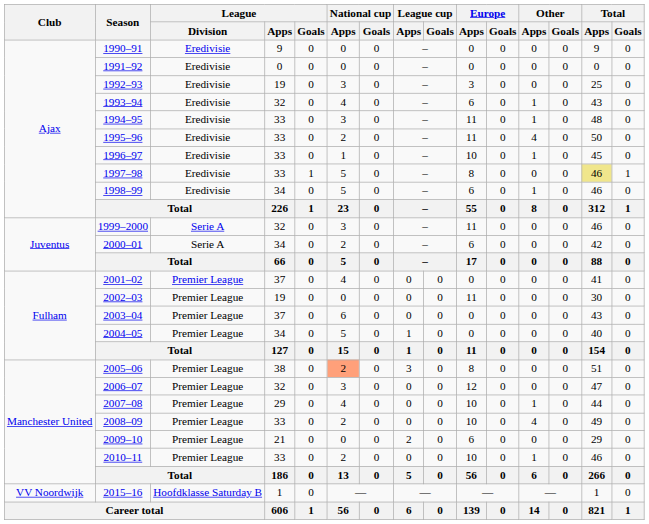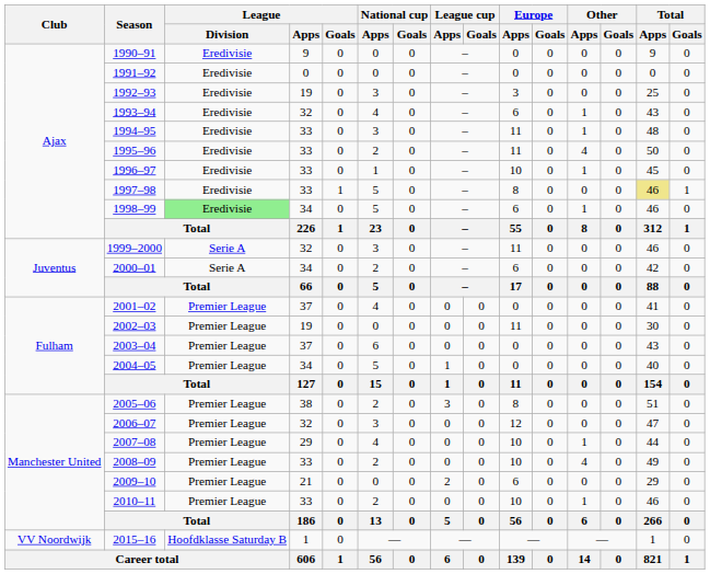 <table class="wikitable" style="text-align:center">
 <tr>
 <th rowspan="2">Club</th>
 <th rowspan="2">Season</th>
 <th colspan="3">League</th>
 <th colspan="2">National cup</th>
 <th colspan="2">League cup</th>
 <th colspan="2"><a href='#'>Europe</a></th>
 <th colspan="2">Other</th>
 <th colspan="2">Total</th>
 </tr>
 <tr>
 <th>Division</th>
 <th>Apps</th>
 <th>Goals</th>
 <th>Apps</th>
 <th>Goals</th>
 <th>Apps</th>
 <th>Goals</th>
 <th>Apps</th>
 <th>Goals</th>
 <th>Apps</th>
 <th>Goals</th>
 <th>Apps</th>
 <th>Goals</th>
 </tr>
 <tr>
 <td rowspan="10"><a href='#'>Ajax</a></td>
 <td><a href='#'>1990–91</a></td>
 <td><a href='#'>Eredivisie</a></td>
 <td>9</td>
 <td>0</td>
 <td>0</td>
 <td>0</td>
 <td colspan="2">–</td>
 <td>0</td>
 <td>0</td>
 <td>0</td>
 <td>0</td>
 <td>9</td>
 <td>0</td>
 </tr>
 <tr>
 <td><a href='#'>1991–92</a></td>
 <td>Eredivisie</td>
 <td>0</td>
 <td>0</td>
 <td>0</td>
 <td>0</td>
 <td colspan="2">–</td>
 <td>0</td>
 <td>0</td>
 <td>0</td>
 <td>0</td>
 <td>0</td>
 <td>0</td>
 </tr>
 <tr>
 <td><a href='#'>1992–93</a></td>
 <td>Eredivisie</td>
 <td>19</td>
 <td>0</td>
 <td>3</td>
 <td>0</td>
 <td colspan="2">–</td>
 <td>3</td>
 <td>0</td>
 <td>0</td>
 <td>0</td>
 <td>25</td>
 <td>0</td>
 </tr>
 <tr>
 <td><a href='#'>1993–94</a></td>
 <td>Eredivisie</td>
 <td>32</td>
 <td>0</td>
 <td>4</td>
 <td>0</td>
 <td colspan="2">–</td>
 <td>6</td>
 <td>0</td>
 <td>1</td>
 <td>0</td>
 <td>43</td>
 <td>0</td>
 </tr>
 <tr>
 <td><a href='#'>1994–95</a></td>
 <td>Eredivisie</td>
 <td>33</td>
 <td>0</td>
 <td>3</td>
 <td>0</td>
 <td colspan="2">–</td>
 <td>11</td>
 <td>0</td>
 <td>1</td>
 <td>0</td>
 <td>48</td>
 <td>0</td>
 </tr>
 <tr>
 <td><a href='#'>1995–96</a></td>
 <td>Eredivisie</td>
 <td>33</td>
 <td>0</td>
 <td>2</td>
 <td>0</td>
 <td colspan="2">–</td>
 <td>11</td>
 <td>0</td>
 <td>4</td>
 <td>0</td>
 <td>50</td>
 <td>0</td>
 </tr>
 <tr>
 <td><a href='#'>1996–97</a></td>
 <td>Eredivisie</td>
 <td>33</td>
 <td>0</td>
 <td>1</td>
 <td>0</td>
 <td colspan="2">–</td>
 <td>10</td>
 <td>0</td>
 <td>1</td>
 <td>0</td>
 <td>45</td>
 <td>0</td>
 </tr>
 <tr>
 <td><a href='#'>1997–98</a></td>
 <td>Eredivisie</td>
 <td>33</td>
 <td>1</td>
 <td>5</td>
 <td>0</td>
 <td colspan="2">–</td>
 <td>8</td>
 <td>0</td>
 <td>0</td>
 <td>0</td>
 <td style="background: khaki;">46</td>
 <td>1</td>
 </tr>
 <tr>
 <td><a href='#'>1998–99</a></td>
-<td>Eredivisie</td>
+<td style="background: lightgreen;">Eredivisie</td>
 <td>34</td>
 <td>0</td>
 <td>5</td>
 <td>0</td>
 <td colspan="2">–</td>
 <td>6</td>
 <td>0</td>
 <td>1</td>
 <td>0</td>
 <td>46</td>
 <td>0</td>
 </tr>
 <tr>
 <th colspan="2">Total</th>
 <th>226</th>
 <th>1</th>
 <th>23</th>
 <th>0</th>
 <th colspan="2">–</th>
 <th>55</th>
 <th>0</th>
 <th>8</th>
 <th>0</th>
 <th>312</th>
 <th>1</th>
 </tr>
 <tr>
 <td rowspan="3"><a href='#'>Juventus</a></td>
 <td><a href='#'>1999–2000</a></td>
 <td><a href='#'>Serie A</a></td>
 <td>32</td>
 <td>0</td>
 <td>3</td>
 <td>0</td>
 <td colspan="2">–</td>
 <td>11</td>
 <td>0</td>
 <td>0</td>
 <td>0</td>
 <td>46</td>
 <td>0</td>
 </tr>
 <tr>
 <td><a href='#'>2000–01</a></td>
 <td>Serie A</td>
 <td>34</td>
 <td>0</td>
 <td>2</td>
 <td>0</td>
 <td colspan="2">–</td>
 <td>6</td>
 <td>0</td>
 <td>0</td>
 <td>0</td>
 <td>42</td>
 <td>0</td>
 </tr>
 <tr>
 <th colspan="2">Total</th>
 <th>66</th>
 <th>0</th>
 <th>5</th>
 <th>0</th>
 <th colspan="2">–</th>
 <th>17</th>
 <th>0</th>
 <th>0</th>
 <th>0</th>
 <th>88</th>
 <th>0</th>
 </tr>
 <tr>
 <td rowspan="5"><a href='#'>Fulham</a></td>
 <td><a href='#'>2001–02</a></td>
 <td><a href='#'>Premier League</a></td>
 <td>37</td>
 <td>0</td>
 <td>4</td>
 <td>0</td>
 <td>0</td>
 <td>0</td>
 <td>0</td>
 <td>0</td>
 <td>0</td>
 <td>0</td>
 <td>41</td>
 <td>0</td>
 </tr>
 <tr>
 <td><a href='#'>2002–03</a></td>
 <td>Premier League</td>
 <td>19</td>
 <td>0</td>
 <td>0</td>
 <td>0</td>
 <td>0</td>
 <td>0</td>
 <td>11</td>
 <td>0</td>
 <td>0</td>
 <td>0</td>
 <td>30</td>
 <td>0</td>
 </tr>
 <tr>
 <td><a href='#'>2003–04</a></td>
 <td>Premier League</td>
 <td>37</td>
 <td>0</td>
 <td>6</td>
 <td>0</td>
 <td>0</td>
 <td>0</td>
 <td>0</td>
 <td>0</td>
 <td>0</td>
 <td>0</td>
 <td>43</td>
 <td>0</td>
 </tr>
 <tr>
 <td><a href='#'>2004–05</a></td>
 <td>Premier League</td>
 <td>34</td>
 <td>0</td>
 <td>5</td>
 <td>0</td>
 <td>1</td>
 <td>0</td>
 <td>0</td>
 <td>0</td>
 <td>0</td>
 <td>0</td>
 <td>40</td>
 <td>0</td>
 </tr>
 <tr>
 <th colspan="2">Total</th>
 <th>127</th>
 <th>0</th>
 <th>15</th>
 <th>0</th>
 <th>1</th>
 <th>0</th>
 <th>11</th>
 <th>0</th>
 <th>0</th>
 <th>0</th>
 <th>154</th>
 <th>0</th>
 </tr>
 <tr>
 <td rowspan="7"><a href='#'>Manchester United</a></td>
 <td><a href='#'>2005–06</a></td>
 <td>Premier League</td>
 <td>38</td>
 <td>0</td>
-<td style="background: lightsalmon;">2</td>
+<td>2</td>
 <td>0</td>
 <td>3</td>
 <td>0</td>
 <td>8</td>
 <td>0</td>
 <td>0</td>
 <td>0</td>
 <td>51</td>
 <td>0</td>
 </tr>
 <tr>
 <td><a href='#'>2006–07</a></td>
 <td>Premier League</td>
 <td>32</td>
 <td>0</td>
 <td>3</td>
 <td>0</td>
 <td>0</td>
 <td>0</td>
 <td>12</td>
 <td>0</td>
 <td>0</td>
 <td>0</td>
 <td>47</td>
 <td>0</td>
 </tr>
 <tr>
 <td><a href='#'>2007–08</a></td>
 <td>Premier League</td>
 <td>29</td>
 <td>0</td>
 <td>4</td>
 <td>0</td>
 <td>0</td>
 <td>0</td>
 <td>10</td>
 <td>0</td>
 <td>1</td>
 <td>0</td>
 <td>44</td>
 <td>0</td>
 </tr>
 <tr>
 <td><a href='#'>2008–09</a></td>
 <td>Premier League</td>
 <td>33</td>
 <td>0</td>
 <td>2</td>
 <td>0</td>
 <td>0</td>
 <td>0</td>
 <td>10</td>
 <td>0</td>
 <td>4</td>
 <td>0</td>
 <td>49</td>
 <td>0</td>
 </tr>
 <tr>
 <td><a href='#'>2009–10</a></td>
 <td>Premier League</td>
 <td>21</td>
 <td>0</td>
 <td>0</td>
 <td>0</td>
 <td>2</td>
 <td>0</td>
 <td>6</td>
 <td>0</td>
 <td>0</td>
 <td>0</td>
 <td>29</td>
 <td>0</td>
 </tr>
 <tr>
 <td><a href='#'>2010–11</a></td>
 <td>Premier League</td>
 <td>33</td>
 <td>0</td>
 <td>2</td>
 <td>0</td>
 <td>0</td>
 <td>0</td>
 <td>10</td>
 <td>0</td>
 <td>1</td>
 <td>0</td>
 <td>46</td>
 <td>0</td>
 </tr>
 <tr>
 <th colspan="2">Total</th>
 <th>186</th>
 <th>0</th>
 <th>13</th>
 <th>0</th>
 <th>5</th>
 <th>0</th>
 <th>56</th>
 <th>0</th>
 <th>6</th>
 <th>0</th>
 <th>266</th>
 <th>0</th>
 </tr>
 <tr>
 <td><a href='#'>VV Noordwijk</a></td>
 <td><a href='#'>2015–16</a></td>
 <td><a href='#'>Hoofdklasse Saturday B</a></td>
 <td>1</td>
 <td>0</td>
 <td colspan="2">—</td>
 <td colspan="2">—</td>
 <td colspan="2">—</td>
 <td colspan="2">—</td>
 <td>1</td>
 <td>0</td>
 </tr>
 <tr>
 <th colspan="3">Career total</th>
 <th>606</th>
 <th>1</th>
 <th>56</th>
 <th>0</th>
 <th>6</th>
 <th>0</th>
 <th>139</th>
 <th>0</th>
 <th>14</th>
 <th>0</th>
 <th>821</th>
 <th>1</th>
 </tr>
 </table>
